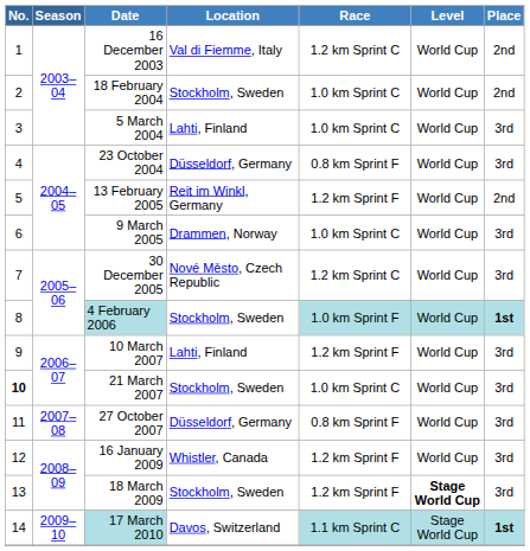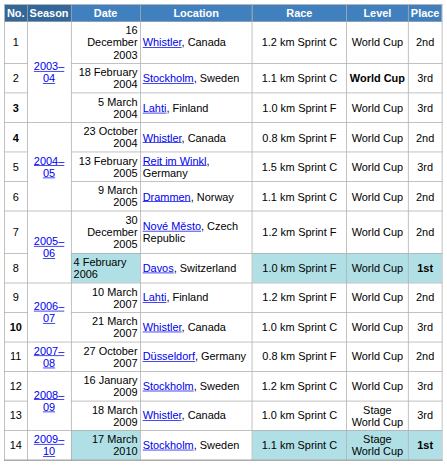 <table class="wikitable sortable" style="font-size:95%; text-align:center; border:grey solid 1px; border-collapse:collapse; background:#ffffff;">
 <tr style="background:#efefef;">
 <th style="background-color:#369; color:white;">No.</th>
 <th style="background-color:#369; color:white;">Season</th>
 <th style="background-color:#4180be; color:white; width:100px;">Date</th>
 <th style="background-color:#4180be; color:white; width:190px;">Location</th>
 <th style="background-color:#4180be; color:white; width:170px;">Race</th>
 <th style="background-color:#4180be; color:white; width:100px;">Level</th>
 <th style="background-color:#4180be; color:white;">Place</th>
 </tr>
 <tr>
 <td align=center>1</td>
 <td rowspan=3 align=center><a href='#'>2003–04</a></td>
 <td align=right>16 December 2003</td>
-<td align=left> <a href='#'>Val di Fiemme</a>, Italy</td>
+<td align=left> <a href='#'>Whistler</a>, Canada</td>
 <td>1.2 km Sprint C</td>
 <td>World Cup</td>
 <td>2nd</td>
 </tr>
 <tr>
 <td align=center>2</td>
 <td align=right>18 February 2004</td>
 <td align=left> <a href='#'>Stockholm</a>, Sweden</td>
-<td>1.0 km Sprint C</td>
-<td>World Cup</td>
-<td>2nd</td>
+<td>1.1 km Sprint C</td>
+<td><strong>World Cup</strong></td>
+<td>3rd</td>
 </tr>
 <tr>
-<td align=center>3</td>
+<td align=center><strong>3</strong></td>
 <td align=right>5 March 2004</td>
 <td align=left> <a href='#'>Lahti</a>, Finland</td>
-<td>1.0 km Sprint C</td>
+<td>1.0 km Sprint F</td>
 <td>World Cup</td>
 <td>3rd</td>
 </tr>
 <tr>
-<td align=center>4</td>
+<td align=center><strong>4</strong></td>
 <td rowspan=3 align=center><a href='#'>2004–05</a></td>
 <td align=right>23 October 2004</td>
-<td align=left> <a href='#'>Düsseldorf</a>, Germany</td>
+<td align=left> <a href='#'>Whistler</a>, Canada</td>
 <td>0.8 km Sprint F</td>
 <td>World Cup</td>
-<td>3rd</td>
+<td>2nd</td>
 </tr>
 <tr>
 <td align=center>5</td>
 <td align=right>13 February 2005</td>
 <td align=left> <a href='#'>Reit im Winkl</a>, Germany</td>
-<td>1.2 km Sprint F</td>
+<td>1.5 km Sprint C</td>
 <td>World Cup</td>
-<td>2nd</td>
+<td>3rd</td>
 </tr>
 <tr>
 <td align=center>6</td>
 <td align=right>9 March 2005</td>
 <td align=left> <a href='#'>Drammen</a>, Norway</td>
-<td>1.0 km Sprint C</td>
+<td>1.1 km Sprint C</td>
 <td>World Cup</td>
-<td>3rd</td>
+<td>2nd</td>
 </tr>
 <tr>
 <td align=center>7</td>
 <td rowspan=2 align=center><a href='#'>2005–06</a></td>
 <td align=right>30 December 2005</td>
 <td align=left> <a href='#'>Nové Město</a>, Czech Republic</td>
-<td>1.2 km Sprint C</td>
+<td>1.2 km Sprint F</td>
 <td>World Cup</td>
-<td>3rd</td>
+<td>2nd</td>
 </tr>
 <tr>
 <td align=center>8</td>
 <td align=left bgcolor="#BOEOE6" align=right>4 February 2006</td>
-<td align=left> <a href='#'>Stockholm</a>, Sweden</td>
+<td align=left> <a href='#'>Davos</a>, Switzerland</td>
 <td bgcolor="#BOEOE6" align=center>1.0 km Sprint F</td>
 <td bgcolor="#BOEOE6">World Cup</td>
 <td bgcolor="#BOEOE6"><strong>1st</strong></td>
 </tr>
 <tr>
 <td align=center>9</td>
 <td rowspan=2 align=center><a href='#'>2006–07</a></td>
 <td align=right>10 March 2007</td>
 <td align=left> <a href='#'>Lahti</a>, Finland</td>
 <td>1.2 km Sprint F</td>
 <td>World Cup</td>
-<td>3rd</td>
+<td>2nd</td>
 </tr>
 <tr>
 <td align=center><strong>10</strong></td>
 <td align=right>21 March 2007</td>
-<td align=left> <a href='#'>Stockholm</a>, Sweden</td>
+<td align=left> <a href='#'>Whistler</a>, Canada</td>
 <td>1.0 km Sprint C</td>
 <td>World Cup</td>
 <td>3rd</td>
 </tr>
 <tr>
 <td align=center>11</td>
 <td rowspan=1 align=center><a href='#'>2007–08</a></td>
 <td align=right>27 October 2007</td>
 <td align=left> <a href='#'>Düsseldorf</a>, Germany</td>
 <td>0.8 km Sprint F</td>
 <td>World Cup</td>
-<td>3rd</td>
+<td>2nd</td>
 </tr>
 <tr>
 <td align=center>12</td>
 <td rowspan=2 align=center><a href='#'>2008–09</a></td>
 <td align=right>16 January 2009</td>
-<td align=left> <a href='#'>Whistler</a>, Canada</td>
-<td>1.2 km Sprint F</td>
+<td align=left> <a href='#'>Stockholm</a>, Sweden</td>
+<td>1.2 km Sprint C</td>
 <td>World Cup</td>
 <td>3rd</td>
 </tr>
 <tr>
 <td align=center>13</td>
 <td align=right>18 March 2009</td>
-<td align=left> <a href='#'>Stockholm</a>, Sweden</td>
-<td>1.2 km Sprint F</td>
-<td><strong>Stage World Cup</strong></td>
+<td align=left> <a href='#'>Whistler</a>, Canada</td>
+<td>1.0 km Sprint C</td>
+<td>Stage World Cup</td>
 <td>3rd</td>
 </tr>
 <tr>
 <td align=center>14</td>
 <td rowspan=1 align=center><a href='#'>2009–10</a></td>
 <td bgcolor="#BOEOE6" align=right>17 March 2010</td>
-<td align=left> <a href='#'>Davos</a>, Switzerland</td>
+<td align=left> <a href='#'>Stockholm</a>, Sweden</td>
 <td bgcolor="#BOEOE6" align=center>1.1 km Sprint C</td>
 <td bgcolor="#BOEOE6">Stage World Cup</td>
 <td bgcolor="#BOEOE6"><strong>1st</strong></td>
 </tr>
 <tr>
 </tr>
 </table>
